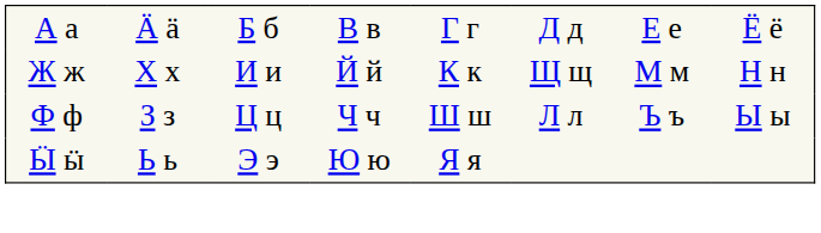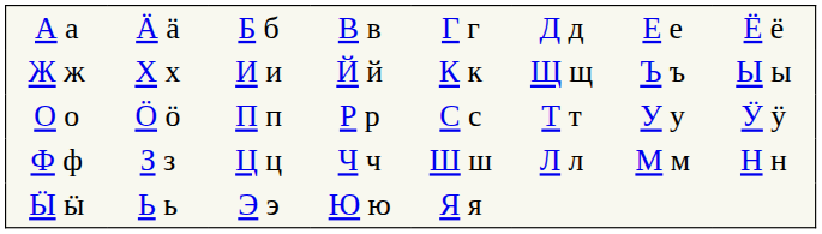 <table style="font-family:Microsoft Sans Serif; font-size:1.4em; border-color:black; border-width:1px; border-style:solid; border-collapse:collapse; background-color:#F8F8EF">
 <tr>
 <td style="width:3em; text-align:center; padding: 3px;"><a href='#'>А</a> а</td>
 <td style="width:3em; text-align:center; padding: 3px;"><a href='#'>Ӓ</a> ӓ</td>
 <td style="width:3em; text-align:center; padding: 3px;"><a href='#'>Б</a> б</td>
 <td style="width:3em; text-align:center; padding: 3px;"><a href='#'>В</a> в</td>
 <td style="width:3em; text-align:center; padding: 3px;"><a href='#'>Г</a> г</td>
 <td style="width:3em; text-align:center; padding: 3px;"><a href='#'>Д</a> д</td>
 <td style="width:3em; text-align:center; padding: 3px;"><a href='#'>Е</a> е</td>
 <td style="width:3em; text-align:center; padding: 3px;"><a href='#'>Ё</a> ё</td>
 </tr>
 <tr>
 <td style="width:3em; text-align:center; padding: 3px;"><a href='#'>Ж</a> ж</td>
 <td style="width:3em; text-align:center; padding: 3px;"><a href='#'>Х</a> х</td>
 <td style="width:3em; text-align:center; padding: 3px;"><a href='#'>И</a> и</td>
 <td style="width:3em; text-align:center; padding: 3px;"><a href='#'>Й</a> й</td>
 <td style="width:3em; text-align:center; padding: 3px;"><a href='#'>К</a> к</td>
 <td style="width:3em; text-align:center; padding: 3px;"><a href='#'>Щ</a> щ</td>
-<td style="width:3em; text-align:center; padding: 3px;"><a href='#'>М</a> м</td>
-<td style="width:3em; text-align:center; padding: 3px;"><a href='#'>Н</a> н</td>
+<td style="width:3em; text-align:center; padding: 3px;"><a href='#'>Ъ</a> ъ</td>
+<td style="width:3em; text-align:center; padding: 3px;"><a href='#'>Ы</a> ы</td>
+</tr>
+<tr>
+<td style="width:3em; text-align:center; padding: 3px;"><a href='#'>О</a> о</td>
+<td style="width:3em; text-align:center; padding: 3px;"><a href='#'>Ӧ</a> ӧ</td>
+<td style="width:3em; text-align:center; padding: 3px;"><a href='#'>П</a> п</td>
+<td style="width:3em; text-align:center; padding: 3px;"><a href='#'>Р</a> р</td>
+<td style="width:3em; text-align:center; padding: 3px;"><a href='#'>С</a> с</td>
+<td style="width:3em; text-align:center; padding: 3px;"><a href='#'>Т</a> т</td>
+<td style="width:3em; text-align:center; padding: 3px;"><a href='#'>У</a> у</td>
+<td style="width:3em; text-align:center; padding: 3px;"><a href='#'>Ӱ</a> ӱ</td>
 </tr>
 <tr>
 <td style="width:3em; text-align:center; padding: 3px;"><a href='#'>Ф</a> ф</td>
 <td style="width:3em; text-align:center; padding: 3px;"><a href='#'>З</a> з</td>
 <td style="width:3em; text-align:center; padding: 3px;"><a href='#'>Ц</a> ц</td>
 <td style="width:3em; text-align:center; padding: 3px;"><a href='#'>Ч</a> ч</td>
 <td style="width:3em; text-align:center; padding: 3px;"><a href='#'>Ш</a> ш</td>
 <td style="width:3em; text-align:center; padding: 3px;"><a href='#'>Л</a> л</td>
-<td style="width:3em; text-align:center; padding: 3px;"><a href='#'>Ъ</a> ъ</td>
-<td style="width:3em; text-align:center; padding: 3px;"><a href='#'>Ы</a> ы</td>
+<td style="width:3em; text-align:center; padding: 3px;"><a href='#'>М</a> м</td>
+<td style="width:3em; text-align:center; padding: 3px;"><a href='#'>Н</a> н</td>
 </tr>
 <tr>
 <td style="width:3em; text-align:center; padding: 3px;"><a href='#'>Ӹ</a> ӹ</td>
 <td style="width:3em; text-align:center; padding: 3px;"><a href='#'>Ь</a> ь</td>
 <td style="width:3em; text-align:center; padding: 3px;"><a href='#'>Э</a> э</td>
 <td style="width:3em; text-align:center; padding: 3px;"><a href='#'>Ю</a> ю</td>
 <td style="width:3em; text-align:center; padding: 3px;"><a href='#'>Я</a> я</td>
 <td></td>
 <td></td>
 <td></td>
 </tr>
 </table>
